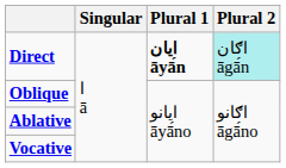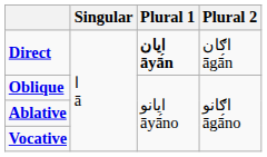 <table class="wikitable">
 <tr>
 <th></th>
 <th>Singular</th>
 <th>Plural 1</th>
 <th>Plural 2</th>
 </tr>
 <tr>
 <td><strong><a href='#'>Direct</a></strong></td>
 <td rowspan="4">ا<br>ā</td>
 <td><strong>ايان<br>āyā́n</strong></td>
-<td style="background: paleturquoise;">اګان<br>āgā́n</td>
+<td>اګان<br>āgā́n</td>
 </tr>
 <tr>
 <td><strong><a href='#'>Oblique</a></strong></td>
 <td rowspan="3">ايانو<br>āyā́no</td>
 <td rowspan="3">اګانو<br>āgā́no</td>
 </tr>
 <tr>
 <td><strong><a href='#'>Ablative</a></strong></td>
 </tr>
 <tr>
 <td><strong><a href='#'>Vocative</a></strong></td>
 </tr>
 </table>
